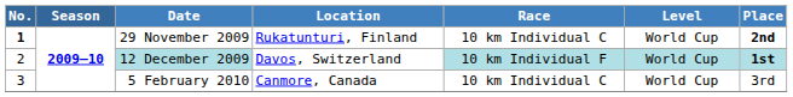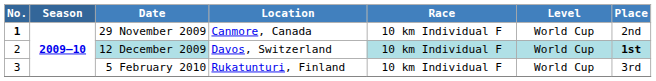 <table class="wikitable sortable" style="font-size:95%; text-align:center; border:grey solid 1px; border-collapse:collapse; background:#ffffff;">
 <tr style="background:#efefef;">
 <th style="background-color:#369; color:white;">No.</th>
 <th style="background-color:#369; color:white;">Season</th>
 <th style="background-color:#4180be; color:white; width:120px;">Date</th>
 <th style="background-color:#4180be; color:white; width:170px;">Location</th>
 <th style="background-color:#4180be; color:white; width:160px;">Race</th>
 <th style="background-color:#4180be; color:white; width:100px;">Level</th>
 <th style="background-color:#4180be; color:white;">Place</th>
 </tr>
 <tr>
 <td align=center><strong>1</strong></td>
 <td rowspan=3 align=center><strong> <a href='#'>2009–10</a> </strong></td>
 <td align=right>29 November 2009</td>
-<td align=left> <a href='#'>Rukatunturi</a>, Finland</td>
-<td>10 km Individual C</td>
+<td align=left> <a href='#'>Canmore</a>, Canada</td>
+<td>10 km Individual F</td>
 <td>World Cup</td>
-<td><strong>2nd</strong></td>
+<td>2nd</td>
 </tr>
 <tr>
 <td align=center>2</td>
 <td bgcolor="#BOEOE6" align=right>12 December 2009</td>
 <td align=left> <a href='#'>Davos</a>, Switzerland</td>
 <td bgcolor="#BOEOE6">10 km Individual F</td>
 <td bgcolor="#BOEOE6">World Cup</td>
 <td bgcolor="#BOEOE6"><strong>1st</strong></td>
 </tr>
 <tr>
 <td align=center>3</td>
 <td align=right>5 February 2010</td>
-<td align=left> <a href='#'>Canmore</a>, Canada</td>
-<td>10 km Individual C</td>
+<td align=left> <a href='#'>Rukatunturi</a>, Finland</td>
+<td>10 km Individual F</td>
 <td>World Cup</td>
 <td>3rd</td>
 </tr>
 <tr>
 </tr>
 </table>
